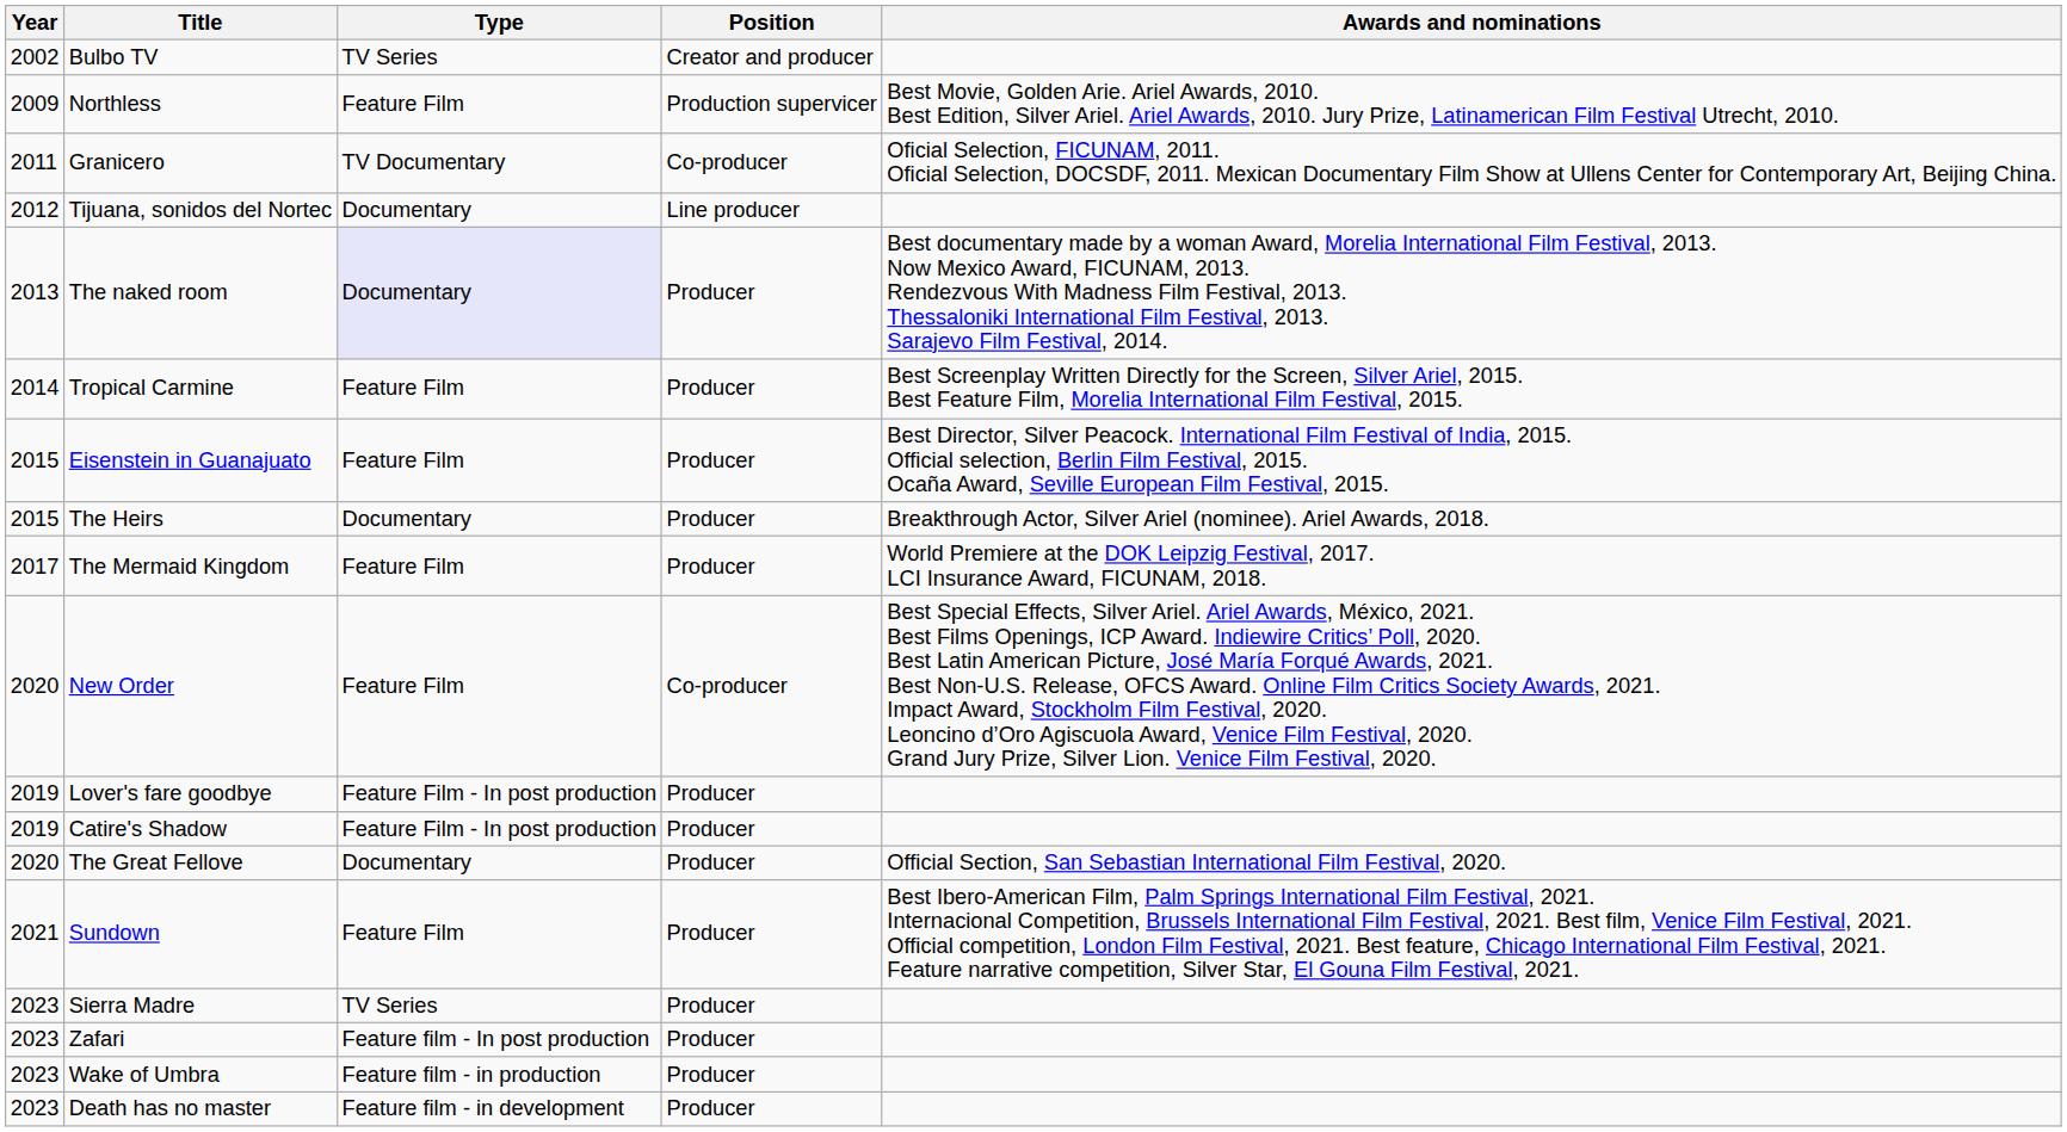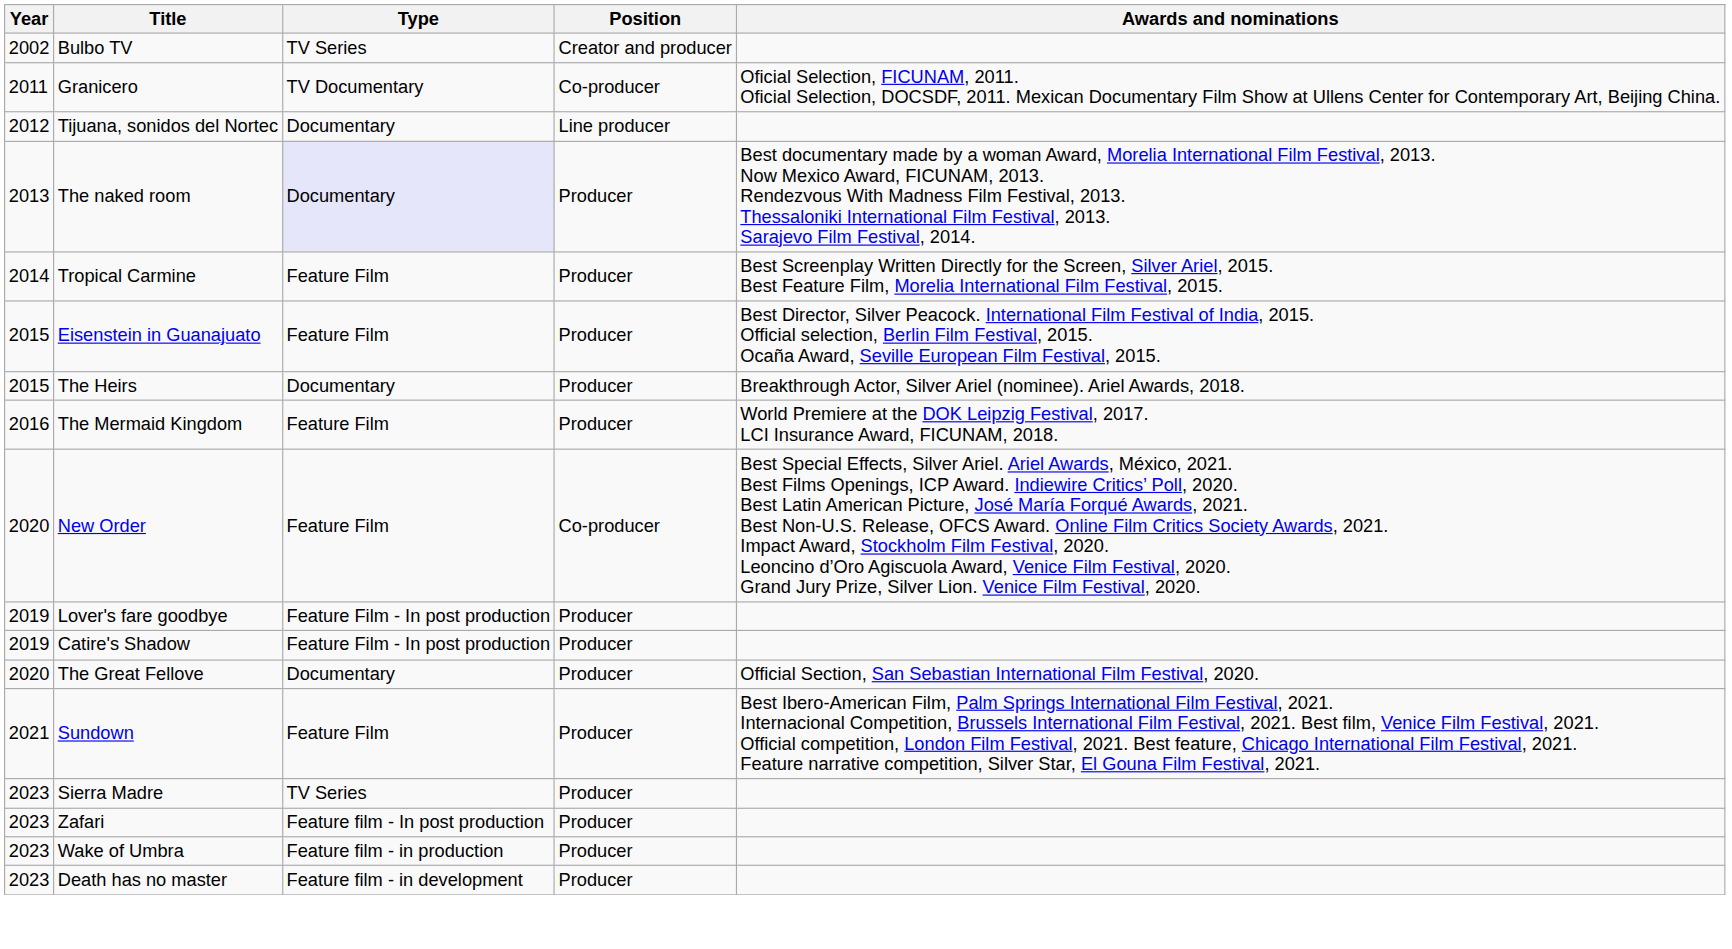 <table class="wikitable">
 <tr>
 <th>Year</th>
 <th>Title</th>
 <th>Type</th>
 <th>Position</th>
 <th>Awards and nominations</th>
 </tr>
 <tr>
 <td>2002</td>
 <td>Bulbo TV</td>
 <td>TV Series</td>
 <td>Creator and producer</td>
 <td></td>
-</tr>
-<tr>
-<td>2009</td>
-<td>Northless</td>
-<td>Feature Film</td>
-<td>Production supervicer</td>
-<td>Best Movie, Golden Arie. Ariel Awards, 2010.<br>Best Edition, Silver Ariel. <a href='#'>Ariel Awards</a>, 2010. Jury Prize, <a href='#'>Latinamerican Film Festival</a> Utrecht, 2010.</td>
 </tr>
 <tr>
 <td>2011</td>
 <td>Granicero</td>
 <td>TV Documentary</td>
 <td>Co-producer</td>
 <td>Oficial Selection, <a href='#'>FICUNAM</a>, 2011.<br>Oficial Selection, DOCSDF, 2011. Mexican Documentary Film Show at Ullens Center for Contemporary Art, Beijing China.</td>
 </tr>
 <tr>
 <td>2012</td>
 <td>Tijuana, sonidos del Nortec</td>
 <td>Documentary</td>
 <td>Line producer</td>
 <td></td>
 </tr>
 <tr>
 <td>2013</td>
 <td>The naked room</td>
 <td style="background: lavender;">Documentary</td>
 <td>Producer</td>
 <td>Best documentary made by a woman Award, <a href='#'>Morelia International Film Festival</a>, 2013.<br>Now Mexico Award, FICUNAM, 2013.<br>Rendezvous With Madness Film Festival, 2013.<br><a href='#'>Thessaloniki International Film Festival</a>, 2013.<br><a href='#'>Sarajevo Film Festival</a>, 2014.</td>
 </tr>
 <tr>
 <td>2014</td>
 <td>Tropical Carmine</td>
 <td>Feature Film</td>
 <td>Producer</td>
 <td>Best Screenplay Written Directly for the Screen, <a href='#'>Silver Ariel</a>, 2015.<br>Best Feature Film, <a href='#'>Morelia International Film Festival</a>, 2015.</td>
 </tr>
 <tr>
 <td>2015</td>
 <td><a href='#'>Eisenstein in Guanajuato</a></td>
 <td>Feature Film</td>
 <td>Producer</td>
 <td>Best Director, Silver Peacock. <a href='#'>International Film Festival of India</a>, 2015.<br>Official selection, <a href='#'>Berlin Film Festival</a>, 2015.<br>Ocaña Award, <a href='#'>Seville European Film Festival</a>, 2015.</td>
 </tr>
 <tr>
 <td>2015</td>
 <td>The Heirs</td>
 <td>Documentary</td>
 <td>Producer</td>
 <td>Breakthrough Actor, Silver Ariel (nominee). Ariel Awards, 2018.</td>
 </tr>
 <tr>
-<td>2017</td>
+<td>2016</td>
 <td>The Mermaid Kingdom</td>
 <td>Feature Film</td>
 <td>Producer</td>
 <td>World Premiere at the <a href='#'>DOK Leipzig Festival</a>, 2017.<br>LCI Insurance Award, FICUNAM, 2018.</td>
 </tr>
 <tr>
 <td>2020</td>
 <td><a href='#'>New Order</a></td>
 <td>Feature Film</td>
 <td>Co-producer</td>
 <td>Best Special Effects, Silver Ariel. <a href='#'>Ariel Awards</a>, México, 2021.<br>Best Films Openings, ICP Award. <a href='#'>Indiewire Critics’ Poll</a>, 2020.<br>Best Latin American Picture, <a href='#'>José María Forqué Awards</a>, 2021.<br>Best Non-U.S. Release, OFCS Award. <a href='#'>Online Film Critics Society Awards</a>, 2021.<br>Impact Award, <a href='#'>Stockholm Film Festival</a>, 2020.<br>Leoncino d’Oro Agiscuola Award, <a href='#'>Venice Film Festival</a>, 2020.<br>Grand Jury Prize, Silver Lion. <a href='#'>Venice Film Festival</a>, 2020.</td>
 </tr>
 <tr>
 <td>2019</td>
 <td>Lover's fare goodbye</td>
 <td>Feature Film - In post production</td>
 <td>Producer</td>
 <td></td>
 </tr>
 <tr>
 <td>2019</td>
 <td>Catire's Shadow</td>
 <td>Feature Film - In post production</td>
 <td>Producer</td>
 <td></td>
 </tr>
 <tr>
 <td>2020</td>
 <td>The Great Fellove</td>
 <td>Documentary</td>
 <td>Producer</td>
 <td>Official Section, <a href='#'>San Sebastian International Film Festival</a>, 2020.</td>
 </tr>
 <tr>
 <td>2021</td>
 <td><a href='#'>Sundown</a></td>
 <td>Feature Film</td>
 <td>Producer</td>
 <td>Best Ibero-American Film, <a href='#'>Palm Springs International Film Festival</a>, 2021.<br>Internacional Competition, <a href='#'>Brussels International Film Festival</a>, 2021. Best film, <a href='#'>Venice Film Festival</a>, 2021.<br>Official competition, <a href='#'>London Film Festival</a>, 2021.  Best feature, <a href='#'>Chicago International Film Festival</a>, 2021.<br>Feature narrative competition, Silver Star, <a href='#'>El Gouna Film Festival</a>, 2021.</td>
 </tr>
 <tr>
 <td>2023</td>
 <td>Sierra Madre</td>
 <td>TV Series</td>
 <td>Producer</td>
 <td></td>
 </tr>
 <tr>
 <td>2023</td>
 <td>Zafari</td>
 <td>Feature film - In post production</td>
 <td>Producer</td>
 <td></td>
 </tr>
 <tr>
 <td>2023</td>
 <td>Wake of Umbra</td>
 <td>Feature film - in production</td>
 <td>Producer</td>
 <td></td>
 </tr>
 <tr>
 <td>2023</td>
 <td>Death has no master</td>
 <td>Feature film - in development</td>
 <td>Producer</td>
 <td></td>
 </tr>
 </table>
